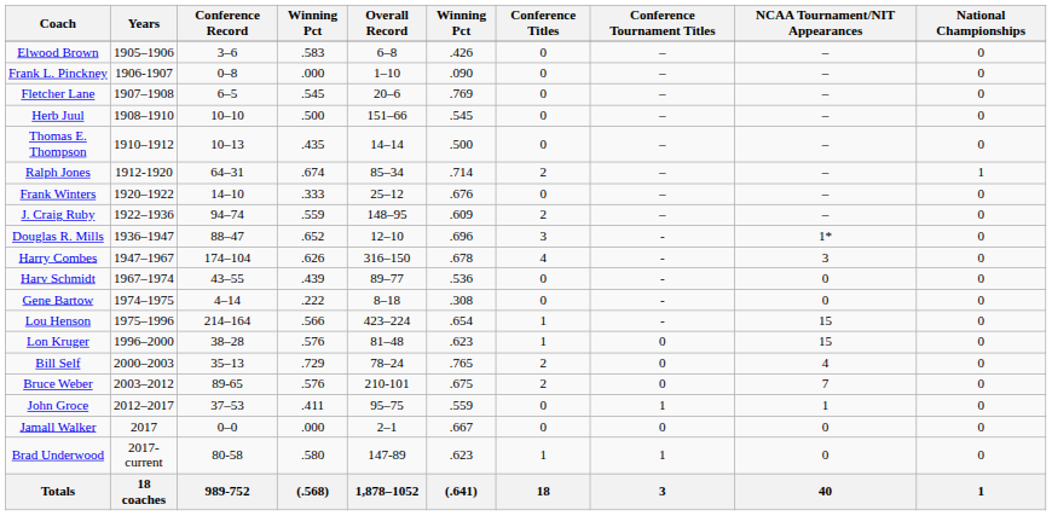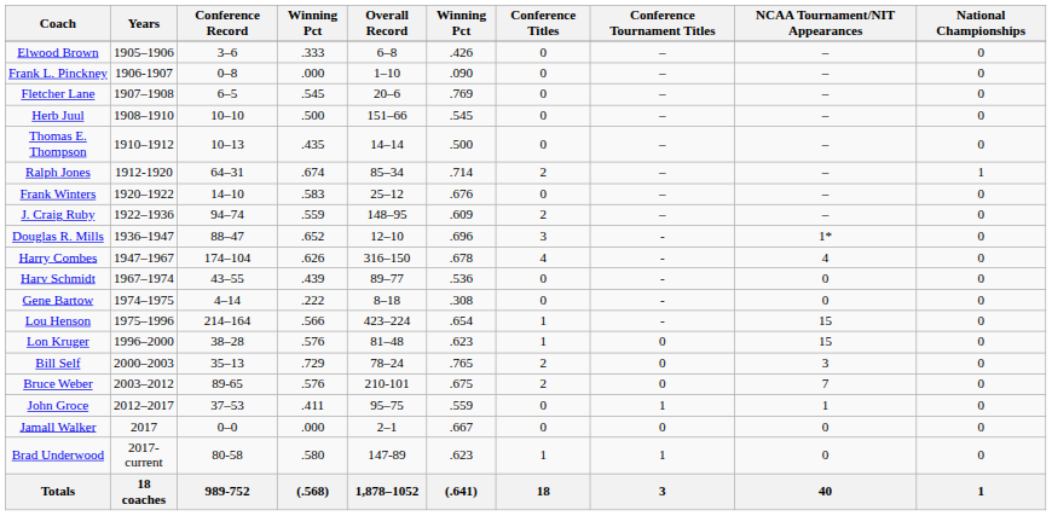 <table class="wikitable" style="text-align:center">
 <tr>
 <th>Coach</th>
 <th>Years</th>
 <th>Conference Record</th>
 <th>Winning Pct</th>
 <th>Overall Record</th>
 <th>Winning Pct</th>
 <th>Conference Titles</th>
 <th>Conference Tournament Titles</th>
 <th>NCAA Tournament/NIT Appearances</th>
 <th>National Championships</th>
 </tr>
 <tr align="center">
 </tr>
 <tr>
 <td><a href='#'>Elwood Brown</a></td>
 <td>1905–1906</td>
 <td>3–6</td>
-<td>.583</td>
+<td>.333</td>
 <td>6–8</td>
 <td>.426</td>
 <td>0</td>
 <td>–</td>
 <td>–</td>
 <td>0</td>
 </tr>
 <tr>
 <td><a href='#'>Frank L. Pinckney</a></td>
 <td>1906-1907</td>
 <td>0–8</td>
 <td>.000</td>
 <td>1–10</td>
 <td>.090</td>
 <td>0</td>
 <td>–</td>
 <td>–</td>
 <td>0</td>
 </tr>
 <tr>
 <td><a href='#'>Fletcher Lane</a></td>
 <td>1907–1908</td>
 <td>6–5</td>
 <td>.545</td>
 <td>20–6</td>
 <td>.769</td>
 <td>0</td>
 <td>–</td>
 <td>–</td>
 <td>0</td>
 </tr>
 <tr>
 <td><a href='#'>Herb Juul</a></td>
 <td>1908–1910</td>
 <td>10–10</td>
 <td>.500</td>
 <td>151–66</td>
 <td>.545</td>
 <td>0</td>
 <td>–</td>
 <td>–</td>
 <td>0</td>
 </tr>
 <tr>
 <td><a href='#'>Thomas E. Thompson</a></td>
 <td>1910–1912</td>
 <td>10–13</td>
 <td>.435</td>
 <td>14–14</td>
 <td>.500</td>
 <td>0</td>
 <td>–</td>
 <td>–</td>
 <td>0</td>
 </tr>
 <tr>
 <td><a href='#'>Ralph Jones</a></td>
 <td>1912-1920</td>
 <td>64–31</td>
 <td>.674</td>
 <td>85–34</td>
 <td>.714</td>
 <td>2</td>
 <td>–</td>
 <td>–</td>
 <td>1</td>
 </tr>
 <tr>
 <td><a href='#'>Frank Winters</a></td>
 <td>1920–1922</td>
 <td>14–10</td>
-<td>.333</td>
+<td>.583</td>
 <td>25–12</td>
 <td>.676</td>
 <td>0</td>
 <td>–</td>
 <td>–</td>
 <td>0</td>
 </tr>
 <tr>
 <td><a href='#'>J. Craig Ruby</a></td>
 <td>1922–1936</td>
 <td>94–74</td>
 <td>.559</td>
 <td>148–95</td>
 <td>.609</td>
 <td>2</td>
 <td>–</td>
 <td>–</td>
 <td>0</td>
 </tr>
 <tr>
 <td><a href='#'>Douglas R. Mills</a></td>
 <td>1936–1947</td>
 <td>88–47</td>
 <td>.652</td>
 <td>12–10</td>
 <td>.696</td>
 <td>3</td>
 <td>-</td>
 <td>1*</td>
 <td>0</td>
 </tr>
 <tr>
 <td><a href='#'>Harry Combes</a></td>
 <td>1947–1967</td>
 <td>174–104</td>
 <td>.626</td>
 <td>316–150</td>
 <td>.678</td>
 <td>4</td>
 <td>-</td>
-<td>3</td>
+<td>4</td>
 <td>0</td>
 </tr>
 <tr>
 <td><a href='#'>Harv Schmidt</a></td>
 <td>1967–1974</td>
 <td>43–55</td>
 <td>.439</td>
 <td>89–77</td>
 <td>.536</td>
 <td>0</td>
 <td>-</td>
 <td>0</td>
 <td>0</td>
 </tr>
 <tr>
 <td><a href='#'>Gene Bartow</a></td>
 <td>1974–1975</td>
 <td>4–14</td>
 <td>.222</td>
 <td>8–18</td>
 <td>.308</td>
 <td>0</td>
 <td>-</td>
 <td>0</td>
 <td>0</td>
 </tr>
 <tr>
 <td><a href='#'>Lou Henson</a></td>
 <td>1975–1996</td>
 <td>214–164</td>
 <td>.566</td>
 <td>423–224</td>
 <td>.654</td>
 <td>1</td>
 <td>-</td>
 <td>15</td>
 <td>0</td>
 </tr>
 <tr>
 <td><a href='#'>Lon Kruger</a></td>
 <td>1996–2000</td>
 <td>38–28</td>
 <td>.576</td>
 <td>81–48</td>
 <td>.623</td>
 <td>1</td>
 <td>0</td>
 <td>15</td>
 <td>0</td>
 </tr>
 <tr>
 <td><a href='#'>Bill Self</a></td>
 <td>2000–2003</td>
 <td>35–13</td>
 <td>.729</td>
 <td>78–24</td>
 <td>.765</td>
 <td>2</td>
 <td>0</td>
-<td>4</td>
+<td>3</td>
 <td>0</td>
 </tr>
 <tr>
 <td><a href='#'>Bruce Weber</a></td>
 <td>2003–2012</td>
 <td>89-65</td>
 <td>.576</td>
 <td>210-101</td>
 <td>.675</td>
 <td>2</td>
 <td>0</td>
 <td>7</td>
 <td>0</td>
 </tr>
 <tr>
 <td><a href='#'>John Groce</a></td>
 <td>2012–2017</td>
 <td>37–53</td>
 <td>.411</td>
 <td>95–75</td>
 <td>.559</td>
 <td>0</td>
 <td>1</td>
 <td>1</td>
 <td>0</td>
 </tr>
 <tr>
 <td><a href='#'>Jamall Walker</a></td>
 <td>2017</td>
 <td>0–0</td>
 <td>.000</td>
 <td>2–1</td>
 <td>.667</td>
 <td>0</td>
 <td>0</td>
 <td>0</td>
 <td>0</td>
 </tr>
 <tr>
 <td><a href='#'>Brad Underwood</a></td>
 <td>2017-current</td>
 <td>80-58</td>
 <td>.580</td>
 <td>147-89</td>
 <td>.623</td>
 <td>1</td>
 <td>1</td>
 <td>0</td>
 <td>0</td>
 </tr>
 <tr align=center>
 <th><strong>Totals</strong></th>
 <th><strong>18 coaches</strong></th>
 <th><strong>989-752</strong></th>
 <th><strong>(.568)</strong></th>
 <th><strong>1,878–1052</strong></th>
 <th><strong>(.641)</strong></th>
 <th><strong>18</strong></th>
 <th><strong>3</strong></th>
 <th><strong>40</strong></th>
 <th><strong>1</strong></th>
 </tr>
 </table>
